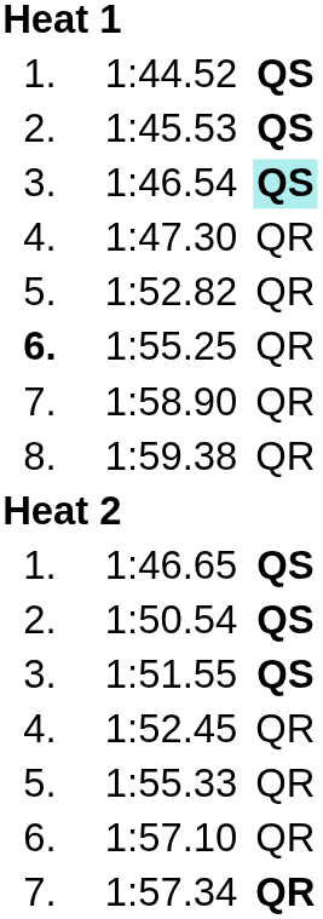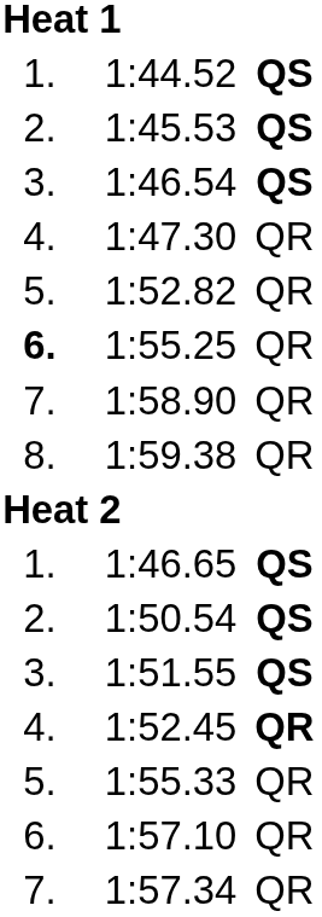 <table style="text-align:center">
 <tr>
 <td colspan=4 align=left><strong>Heat 1</strong></td>
 </tr>
 <tr>
 <td width=30>1.</td>
 <td align=left></td>
 <td width=60>1:44.52</td>
 <td><strong>QS</strong></td>
 </tr>
 <tr>
 <td>2.</td>
 <td align=left></td>
 <td>1:45.53</td>
 <td><strong>QS</strong></td>
 </tr>
 <tr>
 <td>3.</td>
 <td align=left></td>
 <td>1:46.54</td>
-<td style="background: paleturquoise;"><strong>QS</strong></td>
+<td><strong>QS</strong></td>
 </tr>
 <tr>
 <td>4.</td>
 <td align=left></td>
 <td>1:47.30</td>
 <td>QR</td>
 </tr>
 <tr>
 <td>5.</td>
 <td align=left></td>
 <td>1:52.82</td>
 <td>QR</td>
 </tr>
 <tr>
 <td><strong>6.</strong></td>
 <td align=left></td>
 <td>1:55.25</td>
 <td>QR</td>
 </tr>
 <tr>
 <td>7.</td>
 <td align=left></td>
 <td>1:58.90</td>
 <td>QR</td>
 </tr>
 <tr>
 <td>8.</td>
 <td align=left></td>
 <td>1:59.38</td>
 <td>QR</td>
 </tr>
 <tr>
 <td colspan=4 align=left><strong>Heat 2</strong></td>
 </tr>
 <tr>
 <td>1.</td>
 <td align=left></td>
 <td>1:46.65</td>
 <td><strong>QS</strong></td>
 </tr>
 <tr>
 <td>2.</td>
 <td align=left></td>
 <td>1:50.54</td>
 <td><strong>QS</strong></td>
 </tr>
 <tr>
 <td>3.</td>
 <td align=left></td>
 <td>1:51.55</td>
 <td><strong>QS</strong></td>
 </tr>
 <tr>
 <td>4.</td>
 <td align=left></td>
 <td>1:52.45</td>
-<td>QR</td>
+<td><strong>QR</strong></td>
 </tr>
 <tr>
 <td>5.</td>
 <td align=left></td>
 <td>1:55.33</td>
 <td>QR</td>
 </tr>
 <tr>
 <td>6.</td>
 <td align=left></td>
 <td>1:57.10</td>
 <td>QR</td>
 </tr>
 <tr>
 <td>7.</td>
 <td align=left></td>
 <td>1:57.34</td>
-<td><strong>QR</strong></td>
+<td>QR</td>
 </tr>
 </table>
